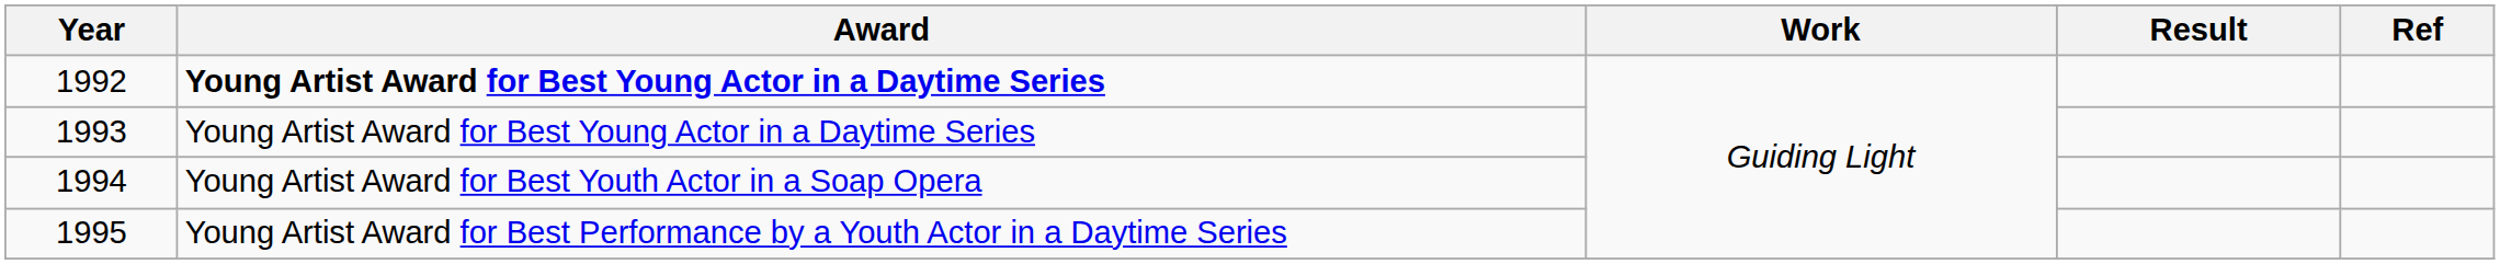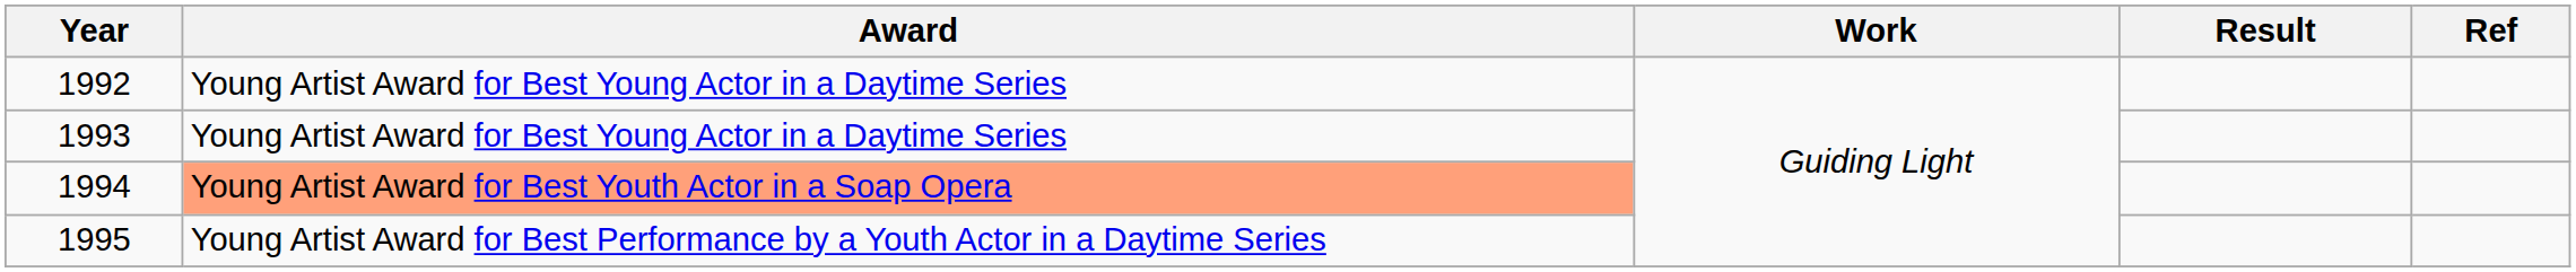 <table class="wikitable sortable plainrowheaders">
 <tr>
 <th scope="col" style="width:0.5%;">Year</th>
 <th scope="col" style="width:7%;">Award</th>
 <th scope="col" style="width:2%;">Work</th>
 <th scope="col" style="width:1%;">Result</th>
 <th scope="col" style="width:0.5%;">Ref</th>
 </tr>
 <tr>
 <td style="text-align:center;">1992</td>
-<td><strong>Young Artist Award <a href='#'>for Best Young Actor in a Daytime Series</a></strong></td>
+<td>Young Artist Award <a href='#'>for Best Young Actor in a Daytime Series</a></td>
 <td rowspan="9" style="text-align:center;"><em>Guiding Light</em></td>
 <td></td>
 <td style="text-align:center;"></td>
 </tr>
 <tr>
 <td style="text-align:center;">1993</td>
 <td>Young Artist Award <a href='#'>for Best Young Actor in a Daytime Series</a></td>
 <td></td>
 <td style="text-align:center;"></td>
 </tr>
 <tr>
 <td style="text-align:center;">1994</td>
-<td>Young Artist Award <a href='#'>for Best Youth Actor in a Soap Opera</a></td>
+<td style="background: lightsalmon;">Young Artist Award <a href='#'>for Best Youth Actor in a Soap Opera</a></td>
 <td></td>
 <td style="text-align:center;"></td>
 </tr>
 <tr>
 <td style="text-align:center;">1995</td>
 <td>Young Artist Award <a href='#'>for Best Performance by a Youth Actor in a Daytime Series</a></td>
 <td></td>
 <td style="text-align:center;"></td>
 </tr>
 </table>
